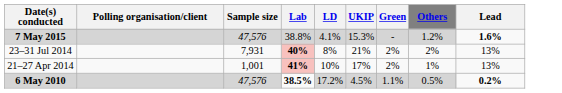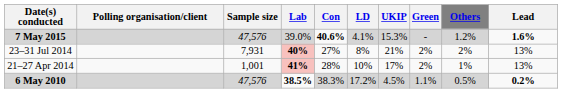 <table class="wikitable sortable" style="text-align:center;font-size:90%;line-height:14px">
 <tr>
 <th ! style="width:95px;">Date(s)<br>conducted</th>
 <th style="width:200px;">Polling organisation/client</th>
 <th class="unsortable" style="width:75px;">Sample size</th>
 <th class="unsortable" style="background:"><a href='#'><span>Lab</span></a></th>
+<th class="unsortable" style="background:"><a href='#'><span>Con</span></a></th>
 <th class="unsortable" style="background:"><a href='#'><span>LD</span></a></th>
 <th class="unsortable" style="background:"><a href='#'><span>UKIP</span></a></th>
 <th class="unsortable" style="background:"><a href='#'><span>Green</span></a></th>
 <th class="unsortable" style="background:gray; width:60px;"><a href='#'><span>Others</span></a></th>
 <th class="unsortable" style="width:90px;">Lead</th>
 </tr>
 <tr>
 <td style="background:#D5D5D5"><strong>7 May 2015</strong></td>
 <td style="background:#D5D5D5"></td>
 <td style="background:#D5D5D5"><em>47,576</em></td>
-<td style="background:#D5D5D5">38.8%</td>
+<td style="background:#D5D5D5">39.0%</td>
+<td style="background:"><strong>40.6%</strong></td>
 <td style="background:#D5D5D5">4.1%</td>
 <td style="background:#D5D5D5">15.3%</td>
 <td style="background:#D5D5D5">-</td>
 <td style="background:#D5D5D5">1.2%</td>
 <td style="background:"><strong>1.6% </strong></td>
 </tr>
 <tr>
 <td>23–31 Jul 2014</td>
 <td></td>
 <td>7,931</td>
 <td style="background:#F8C1BE"><strong>40%</strong></td>
+<td>27%</td>
 <td>8%</td>
 <td>21%</td>
 <td>2%</td>
 <td>2%</td>
 <td style="background:">13%</td>
 </tr>
 <tr>
 <td>21–27 Apr 2014</td>
 <td></td>
 <td>1,001</td>
 <td style="background:#F8C1BE"><strong>41%</strong></td>
+<td>28%</td>
 <td>10%</td>
 <td>17%</td>
 <td>2%</td>
 <td>1%</td>
 <td style="background:">13%</td>
 </tr>
 <tr>
 <td style="background:#D5D5D5"><strong>6 May 2010</strong></td>
 <td style="background:#D5D5D5"></td>
 <td style="background:#D5D5D5"><em>47,576</em></td>
 <td style="background:"><strong>38.5%</strong></td>
+<td style="background:#D5D5D5">38.3%</td>
 <td style="background:#D5D5D5">17.2%</td>
 <td style="background:#D5D5D5">4.5%</td>
 <td style="background:#D5D5D5">1.1%</td>
 <td style="background:#D5D5D5">0.5%</td>
 <td style="background:"><strong>0.2% </strong></td>
 </tr>
 </table>
